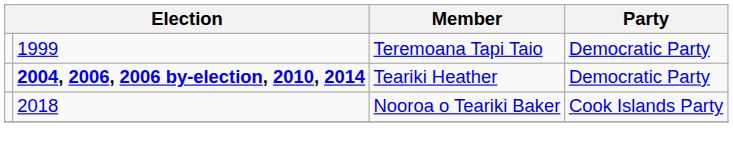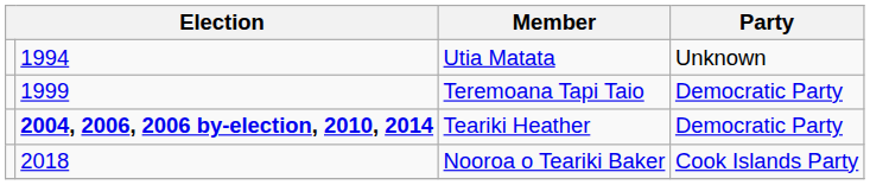 <table class="wikitable">
 <tr>
 <th colspan="2">Election</th>
 <th>Member</th>
 <th>Party</th>
+</tr>
+<tr>
+<td style="background-color: "></td>
+<td><a href='#'>1994</a></td>
+<td><a href='#'>Utia Matata</a></td>
+<td>Unknown</td>
 </tr>
 <tr>
 <td style="background-color: "></td>
 <td><a href='#'>1999</a></td>
 <td><a href='#'>Teremoana Tapi Taio</a></td>
 <td><a href='#'>Democratic Party</a></td>
 </tr>
 <tr>
 <td style="background-color: "></td>
 <td><strong><a href='#'>2004</a>, <a href='#'>2006</a>, <a href='#'>2006 by-election</a>, <a href='#'>2010</a>, <a href='#'>2014</a></strong></td>
 <td><a href='#'>Teariki Heather</a></td>
 <td><a href='#'>Democratic Party</a></td>
 </tr>
 <tr>
 <td style="background-color: "></td>
 <td><a href='#'>2018</a></td>
 <td><a href='#'>Nooroa o Teariki Baker</a></td>
 <td><a href='#'>Cook Islands Party</a></td>
 </tr>
 <tr>
 </tr>
 </table>
